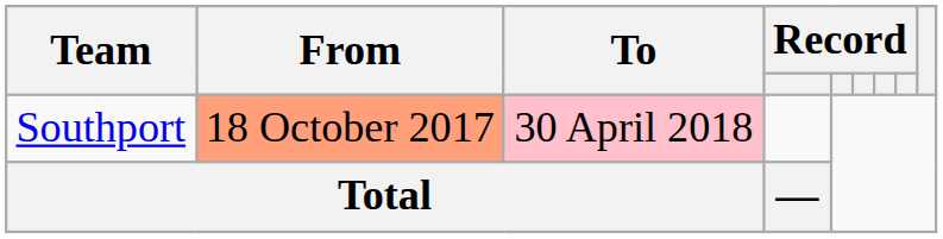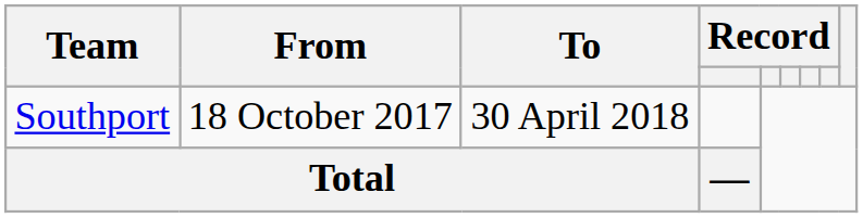 <table class=wikitable style="text-align: center">
 <tr>
 <th rowspan=2>Team</th>
 <th rowspan=2>From</th>
 <th rowspan=2>To</th>
 <th colspan=5>Record</th>
 <th rowspan=2></th>
 </tr>
 <tr>
 <th></th>
 <th></th>
 <th></th>
 <th></th>
 <th></th>
 </tr>
 <tr>
 <td align=left><a href='#'>Southport</a></td>
-<td align=left style="background: lightsalmon;">18 October 2017</td>
-<td align=left style="background: pink;">30 April 2018<br></td>
+<td align=left>18 October 2017</td>
+<td align=left>30 April 2018<br></td>
 <td></td>
 </tr>
 <tr>
 <th colspan=3>Total<br></th>
 <th>—</th>
 </tr>
 </table>
